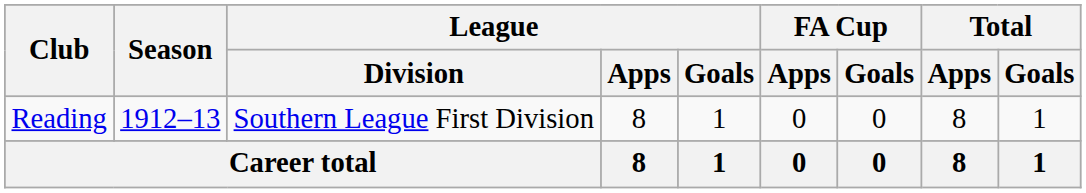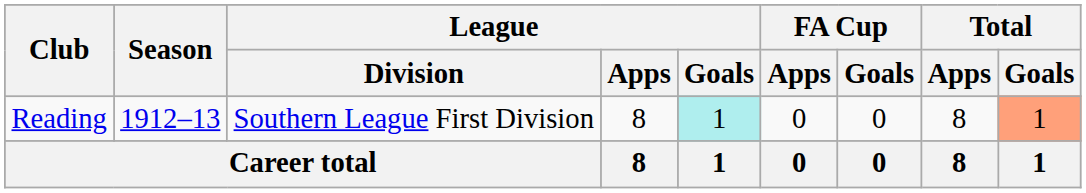 <table class="wikitable" style="text-align:center;">
 <tr>
 <th rowspan="2">Club</th>
 <th rowspan="2">Season</th>
 <th colspan="3">League</th>
 <th colspan="2">FA Cup</th>
 <th colspan="2">Total</th>
 </tr>
 <tr>
 <th>Division</th>
 <th>Apps</th>
 <th>Goals</th>
 <th>Apps</th>
 <th>Goals</th>
 <th>Apps</th>
 <th>Goals</th>
 </tr>
 <tr>
 <td><a href='#'>Reading</a></td>
 <td><a href='#'>1912–13</a></td>
 <td><a href='#'>Southern League</a> First Division</td>
 <td>8</td>
-<td>1</td>
+<td style="background: paleturquoise;">1</td>
 <td>0</td>
 <td>0</td>
 <td>8</td>
-<td>1</td>
+<td style="background: lightsalmon;">1</td>
 </tr>
 <tr>
 <th colspan="3">Career total</th>
 <th>8</th>
 <th>1</th>
 <th>0</th>
 <th>0</th>
 <th>8</th>
 <th>1</th>
 </tr>
 </table>
